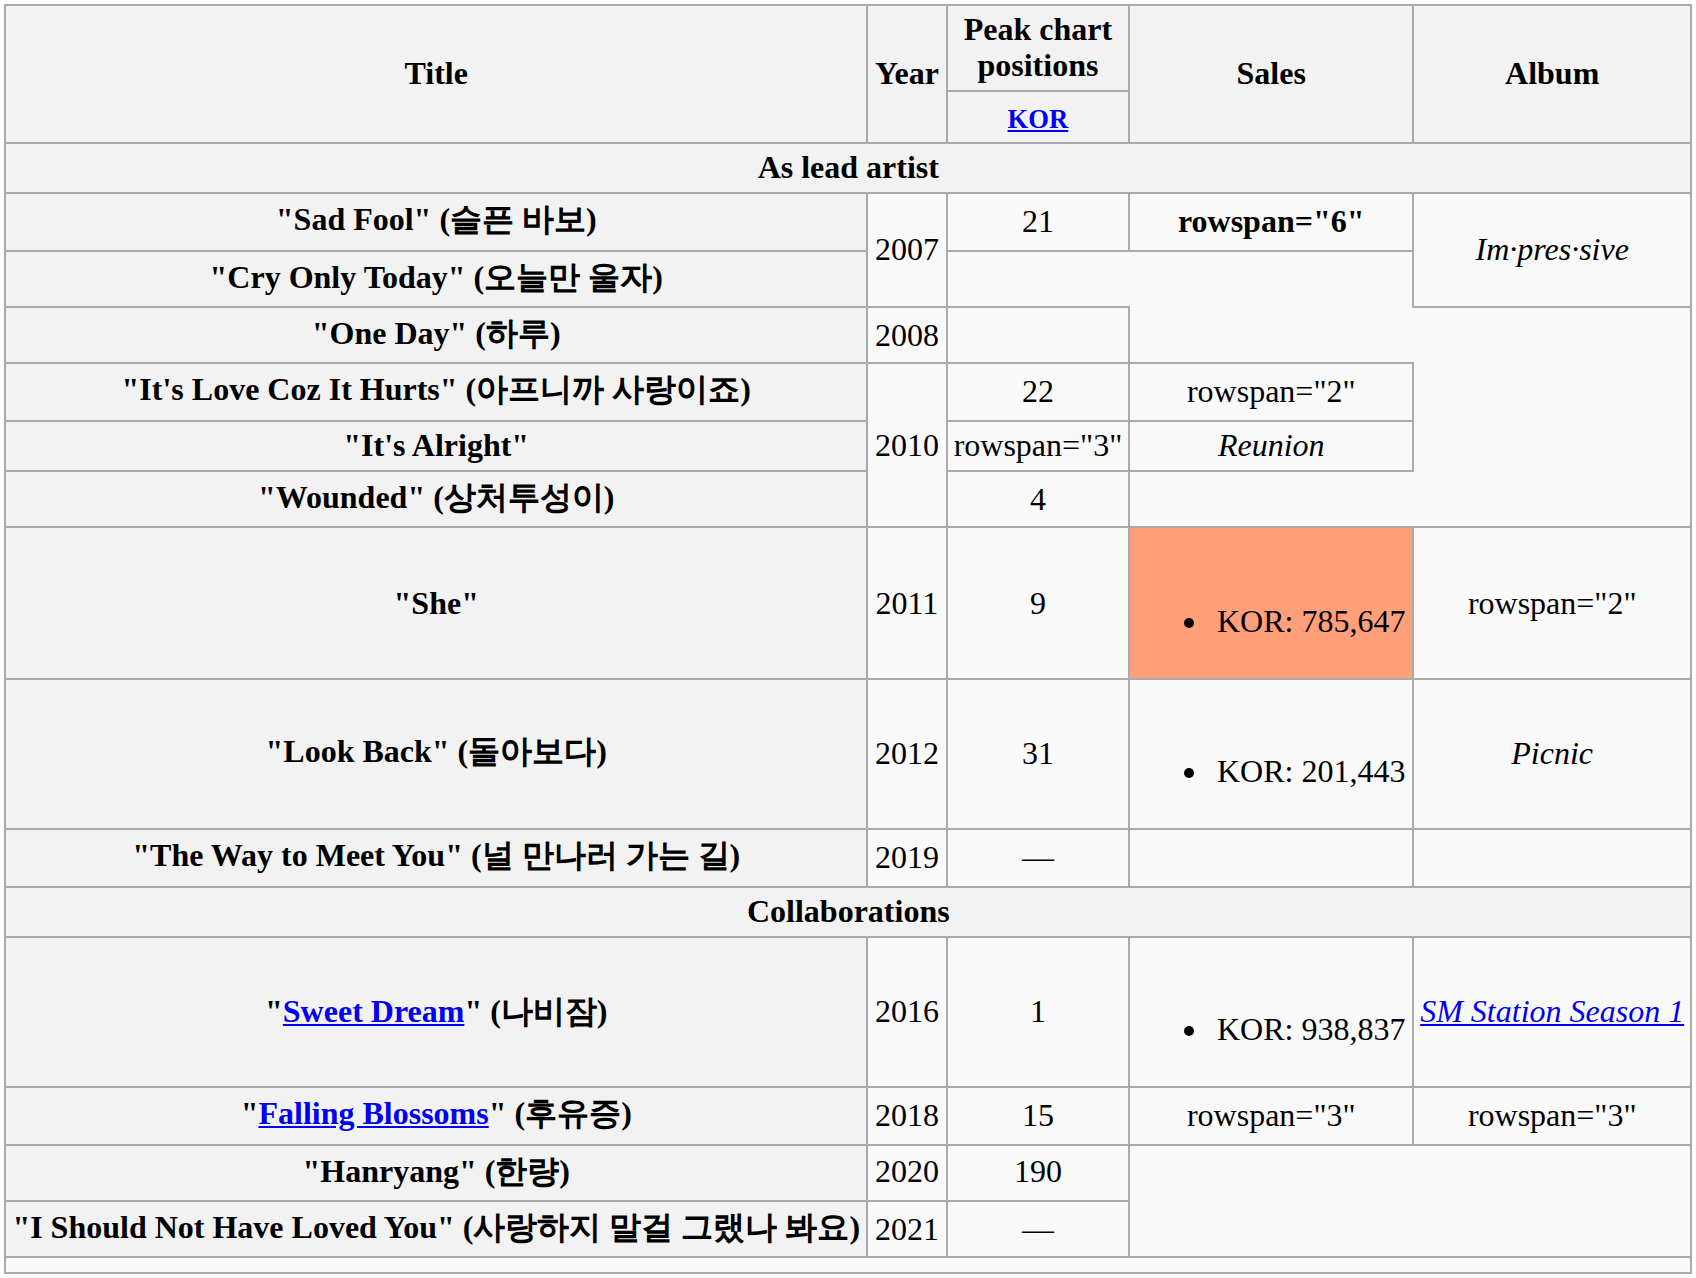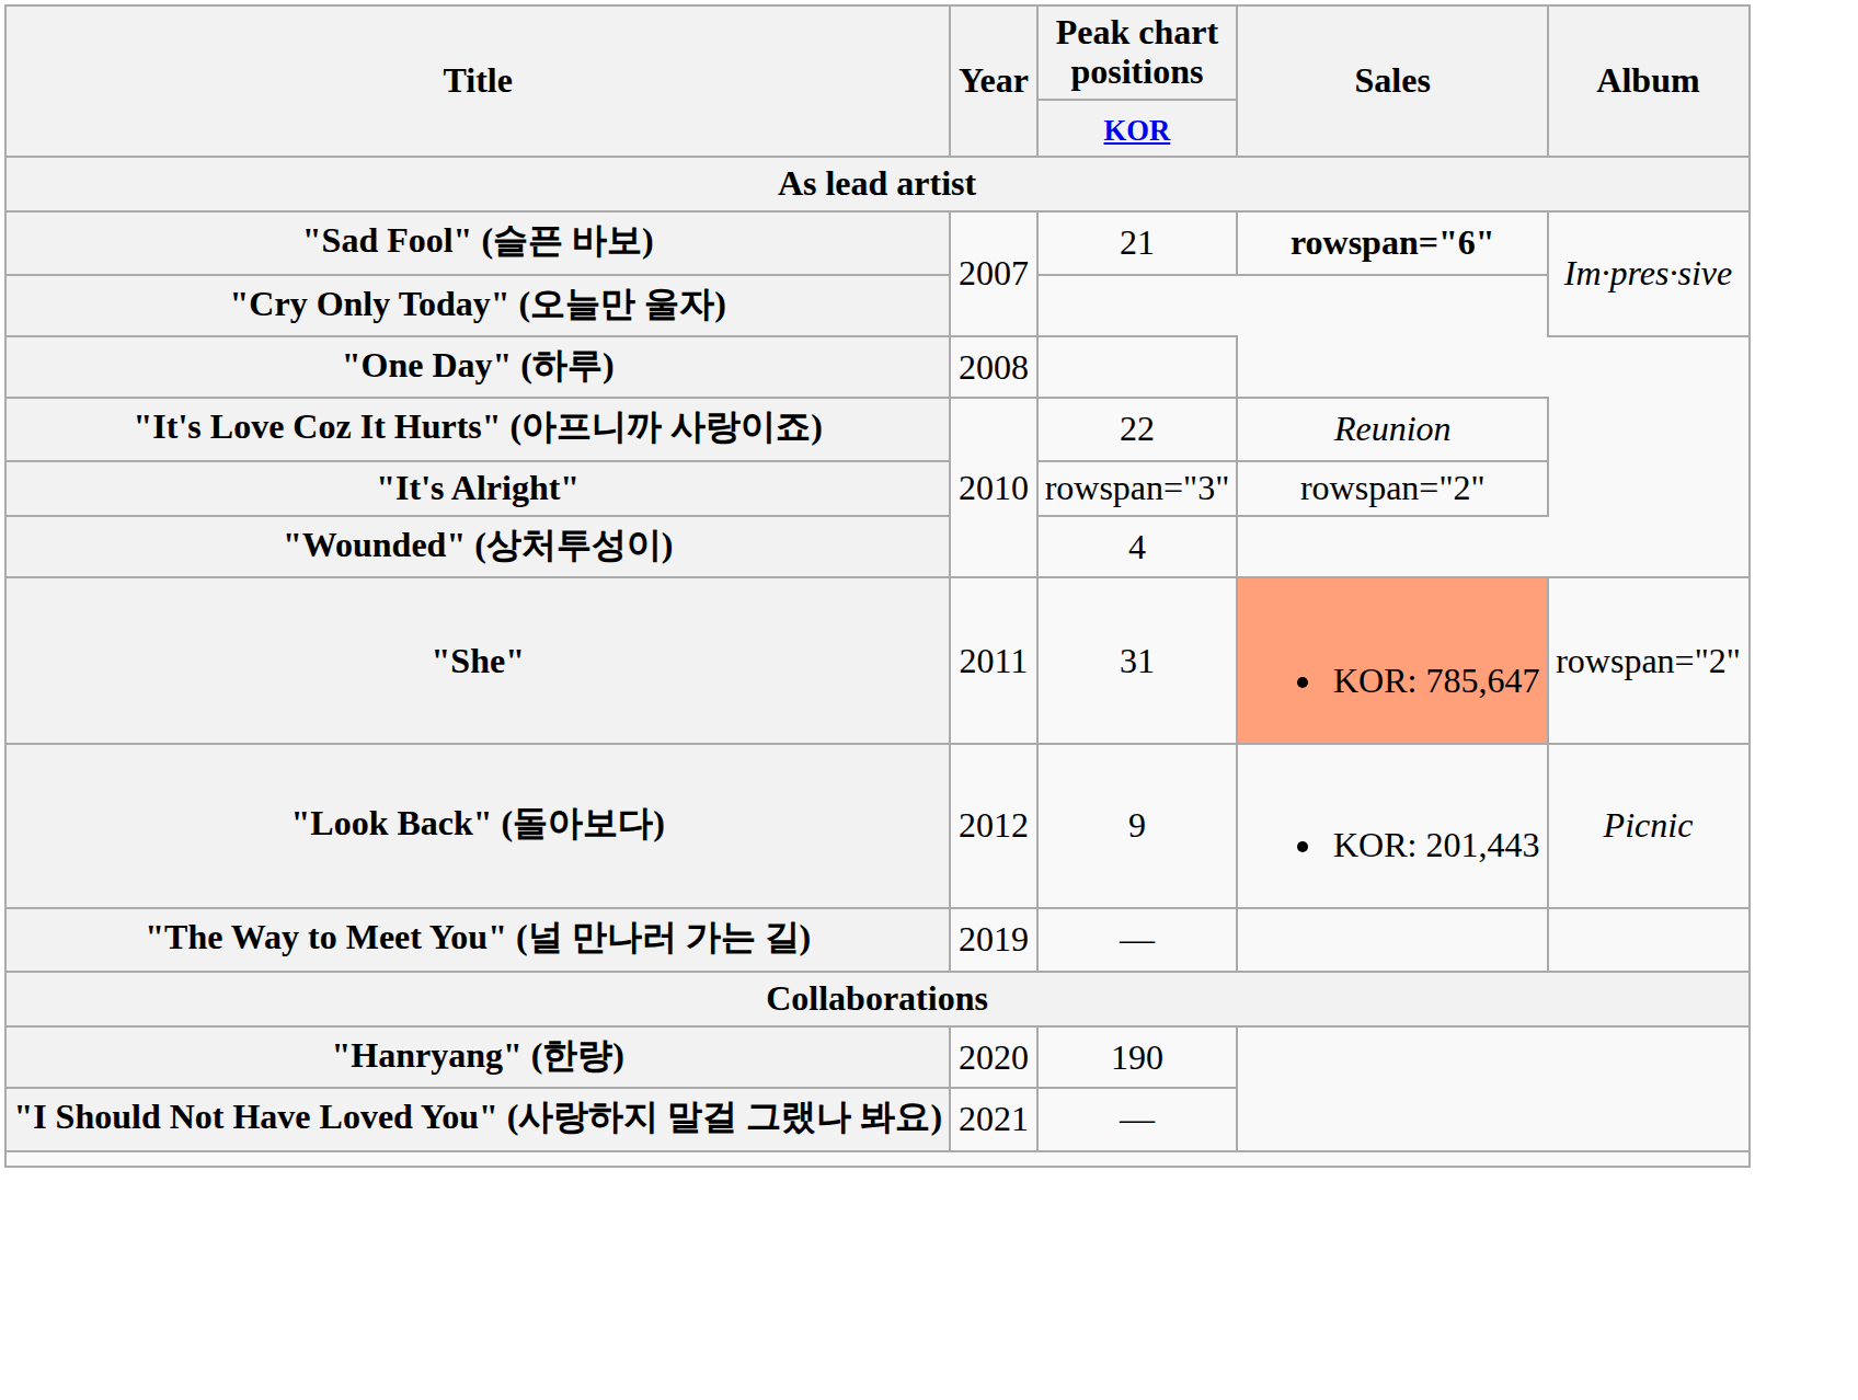 <table class="wikitable plainrowheaders" style="text-align:center;">
 <tr>
 <th scope="col" rowspan="2">Title</th>
 <th scope="col" rowspan="2">Year</th>
 <th scope="col" style="width:5em;">Peak chart positions</th>
 <th rowspan="2">Sales</th>
 <th scope="col" rowspan="2">Album</th>
 </tr>
 <tr>
 <th><small><a href='#'>KOR</a></small><br></th>
 </tr>
 <tr>
 <th colspan="5">As lead artist</th>
 </tr>
 <tr>
 <th scope="row">"Sad Fool" (슬픈 바보)</th>
 <td rowspan="2">2007</td>
 <td>21</td>
 <td><strong>rowspan="6" </strong></td>
 <td rowspan="2"><em>Im·pres·sive</em></td>
 </tr>
 <tr>
 <th scope="row">"Cry Only Today" (오늘만 울자)</th>
 </tr>
 <tr>
 <th scope="row">"One Day" (하루)</th>
 <td>2008</td>
 <td></td>
 </tr>
 <tr>
 <th scope="row">"It's Love Coz It Hurts" (아프니까 사랑이죠)</th>
 <td rowspan="3">2010</td>
 <td>22</td>
-<td>rowspan="2" </td>
+<td><em>Reunion</em></td>
 </tr>
 <tr>
 <th scope="row">"It's Alright"</th>
 <td>rowspan="3" </td>
-<td><em>Reunion</em></td>
+<td>rowspan="2" </td>
 </tr>
 <tr>
 <th scope="row">"Wounded" (상처투성이)</th>
 <td>4</td>
 </tr>
 <tr>
 <th scope="row">"She"</th>
 <td>2011</td>
-<td>9</td>
+<td>31</td>
 <td style="background: lightsalmon;"><br><ul><li>KOR: 785,647</li></ul></td>
 <td>rowspan="2" </td>
 </tr>
 <tr>
 <th scope="row">"Look Back" (돌아보다)</th>
 <td>2012</td>
-<td>31</td>
+<td>9</td>
 <td><br><ul><li>KOR: 201,443</li></ul></td>
 <td><em>Picnic</em></td>
 </tr>
 <tr>
 <th scope="row">"The Way to Meet You" (널 만나러 가는 길)</th>
 <td>2019</td>
 <td>—</td>
 <td></td>
 </tr>
 <tr>
 <th colspan="5">Collaborations</th>
-</tr>
-<tr>
-<th scope="row">"<a href='#'>Sweet Dream</a>" (나비잠)<br></th>
-<td>2016</td>
-<td>1</td>
-<td><br><ul><li>KOR: 938,837</li></ul></td>
-<td><em><a href='#'>SM Station Season 1</a></em></td>
-</tr>
-<tr>
-<th scope="row">"<a href='#'>Falling Blossoms</a>" (후유증)<br></th>
-<td>2018</td>
-<td>15</td>
-<td>rowspan="3" </td>
-<td>rowspan="3" </td>
 </tr>
 <tr>
 <th scope="row">"Hanryang" (한량)<br></th>
 <td>2020</td>
 <td>190</td>
 </tr>
 <tr>
 <th scope="row">"I Should Not Have Loved You" (사랑하지 말걸 그랬나 봐요)<br></th>
 <td>2021</td>
 <td>—</td>
 </tr>
 <tr>
 <td colspan="5"></td>
 </tr>
 <tr>
 </tr>
 </table>
